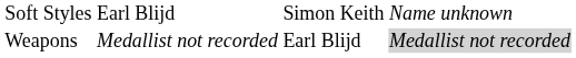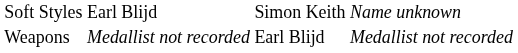 <table>
 <tr>
 <td>Soft Styles</td>
 <td>Earl Blijd </td>
 <td>Simon Keith </td>
 <td><em>Name unknown</em> </td>
 </tr>
 <tr>
 <td>Weapons</td>
 <td><em>Medallist not recorded</em></td>
 <td>Earl Blijd </td>
-<td style="background: lightgrey;"><em>Medallist not recorded</em></td>
+<td><em>Medallist not recorded</em></td>
 </tr>
 <tr>
 </tr>
 </table>
